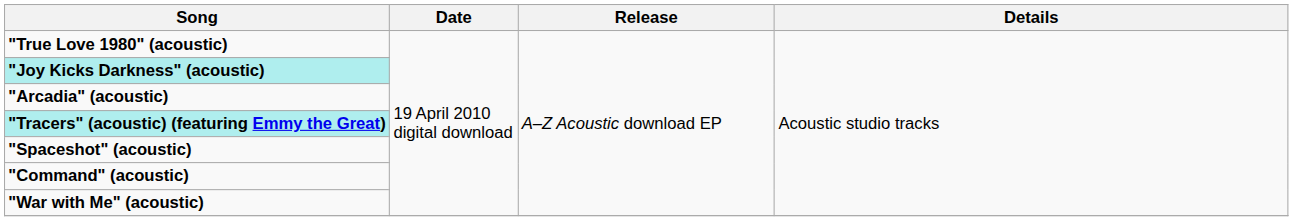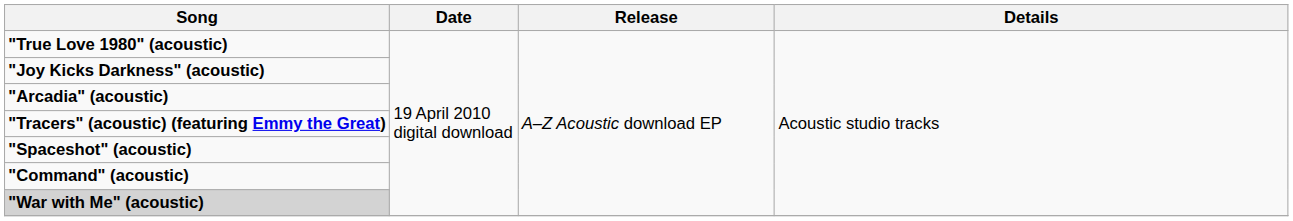 <table class="wikitable sortable">
 <tr>
 <th width=30%>Song</th>
 <th width=10%>Date</th>
 <th width=20%>Release</th>
 <th width=40%>Details</th>
 </tr>
 <tr>
 <td><strong>"True Love 1980" (acoustic)</strong></td>
 <td rowspan="7">19 April 2010<br>digital download</td>
 <td rowspan="7"><em>A–Z Acoustic</em> download EP</td>
 <td rowspan="7">Acoustic studio tracks</td>
 </tr>
 <tr>
-<td style="background: paleturquoise;"><strong>"Joy Kicks Darkness" (acoustic)</strong></td>
+<td><strong>"Joy Kicks Darkness" (acoustic)</strong></td>
 </tr>
 <tr>
 <td><strong>"Arcadia" (acoustic)</strong></td>
 </tr>
 <tr>
-<td style="background: paleturquoise;"><strong>"Tracers" (acoustic) (featuring <a href='#'>Emmy the Great</a>)</strong></td>
+<td><strong>"Tracers" (acoustic) (featuring <a href='#'>Emmy the Great</a>)</strong></td>
 </tr>
 <tr>
 <td><strong>"Spaceshot" (acoustic)</strong></td>
 </tr>
 <tr>
 <td><strong>"Command" (acoustic)</strong></td>
 </tr>
 <tr>
-<td><strong>"War with Me" (acoustic)</strong></td>
+<td style="background: lightgrey;"><strong>"War with Me" (acoustic)</strong></td>
 </tr>
 <tr>
 </tr>
 </table>
